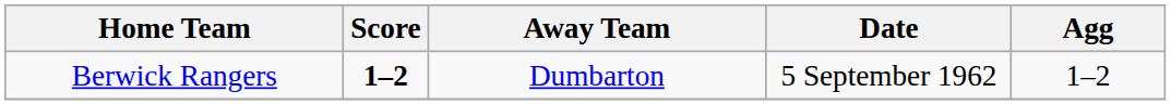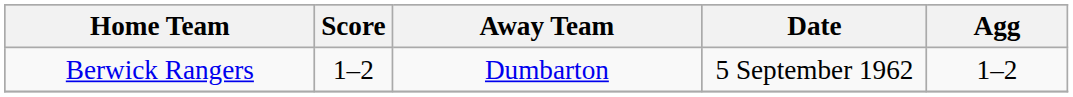 <table class="wikitable" style="text-align:center;">
 <tr>
 <th width=175>Home Team</th>
 <th width=20>Score</th>
 <th width=175>Away Team</th>
 <th width= 125>Date</th>
 <th width= 75>Agg</th>
 </tr>
 <tr>
 <td><a href='#'>Berwick Rangers</a></td>
-<td><strong>1–2</strong></td>
+<td>1–2</td>
 <td><a href='#'>Dumbarton</a></td>
 <td>5 September 1962</td>
 <td>1–2</td>
 </tr>
 <tr>
 </tr>
 </table>
